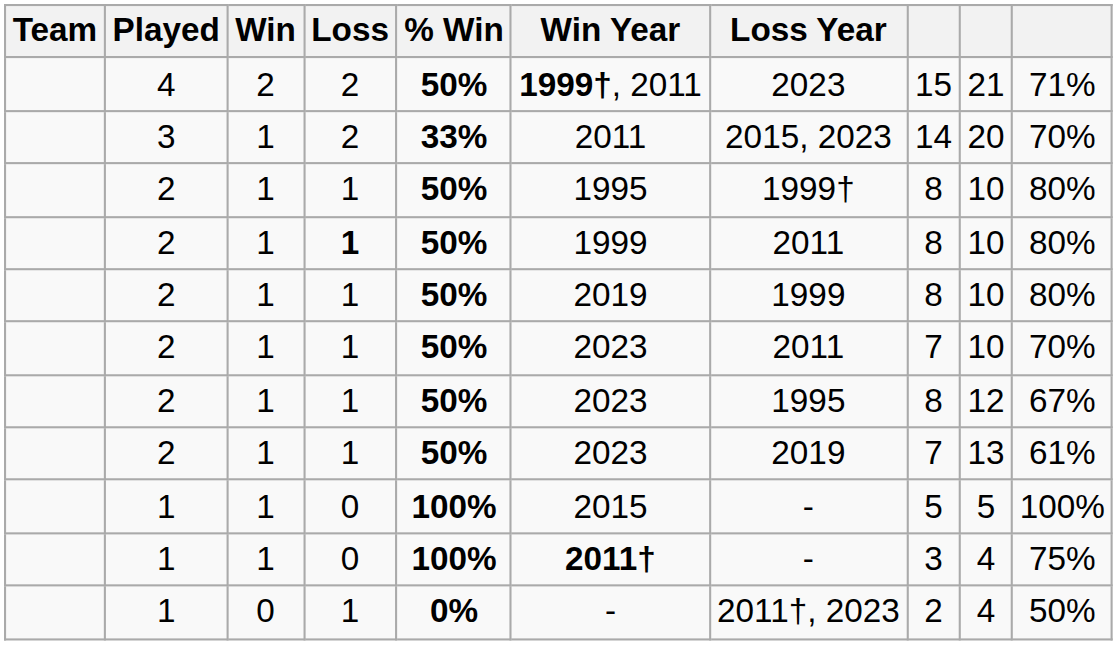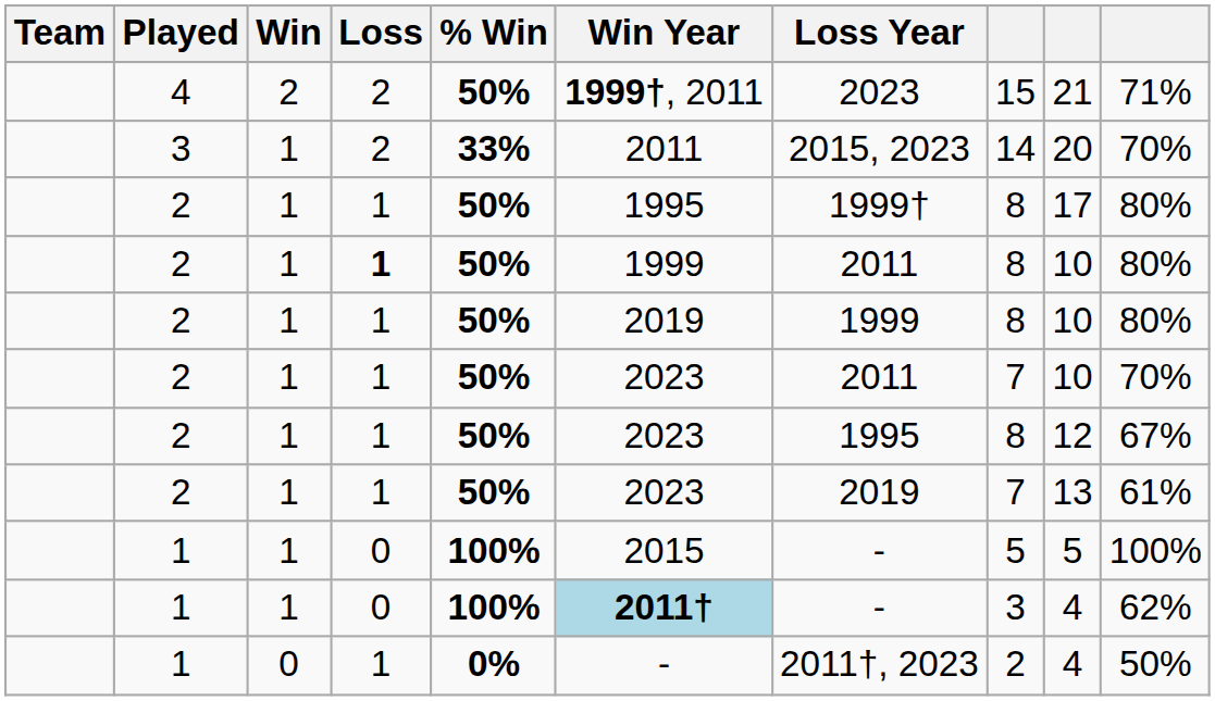 <table class="wikitable sortable" style="text-align: center;">
 <tr>
 <th>Team</th>
 <th>Played</th>
 <th>Win</th>
 <th>Loss</th>
 <th>% Win</th>
 <th>Win Year</th>
 <th>Loss Year</th>
 <th></th>
 <th></th>
 <th></th>
 </tr>
 <tr>
 <td align=left></td>
 <td>4</td>
 <td>2</td>
 <td>2</td>
 <td><strong>50%</strong></td>
 <td><strong>1999†</strong>, 2011</td>
 <td>2023</td>
 <td>15</td>
 <td>21</td>
 <td>71%</td>
 </tr>
 <tr>
 <td align=left></td>
 <td>3</td>
 <td>1</td>
 <td>2</td>
 <td><strong>33%</strong></td>
 <td>2011</td>
 <td>2015, 2023</td>
 <td>14</td>
 <td>20</td>
 <td>70%</td>
 </tr>
 <tr>
 <td align=left></td>
 <td>2</td>
 <td>1</td>
 <td>1</td>
 <td><strong>50%</strong></td>
 <td>1995</td>
 <td>1999†</td>
 <td>8</td>
-<td>10</td>
+<td>17</td>
 <td>80%</td>
 </tr>
 <tr>
 <td align=left></td>
 <td>2</td>
 <td>1</td>
 <td><strong>1</strong></td>
 <td><strong>50%</strong></td>
 <td>1999</td>
 <td>2011</td>
 <td>8</td>
 <td>10</td>
 <td>80%</td>
 </tr>
 <tr>
 <td align=left></td>
 <td>2</td>
 <td>1</td>
 <td>1</td>
 <td><strong>50%</strong></td>
 <td>2019</td>
 <td>1999</td>
 <td>8</td>
 <td>10</td>
 <td>80%</td>
 </tr>
 <tr>
 <td align=left></td>
 <td>2</td>
 <td>1</td>
 <td>1</td>
 <td><strong>50%</strong></td>
 <td>2023</td>
 <td>2011</td>
 <td>7</td>
 <td>10</td>
 <td>70%</td>
 </tr>
 <tr>
 <td align=left></td>
 <td>2</td>
 <td>1</td>
 <td>1</td>
 <td><strong>50%</strong></td>
 <td>2023</td>
 <td>1995</td>
 <td>8</td>
 <td>12</td>
 <td>67%</td>
 </tr>
 <tr>
 <td align=left></td>
 <td>2</td>
 <td>1</td>
 <td>1</td>
 <td><strong>50%</strong></td>
 <td>2023</td>
 <td>2019</td>
 <td>7</td>
 <td>13</td>
 <td>61%</td>
 </tr>
 <tr>
 <td align=left></td>
 <td>1</td>
 <td>1</td>
 <td>0</td>
 <td><strong>100%</strong></td>
 <td>2015</td>
 <td>-</td>
 <td>5</td>
 <td>5</td>
 <td>100%</td>
 </tr>
 <tr>
 <td align=left></td>
 <td>1</td>
 <td>1</td>
 <td>0</td>
 <td><strong>100%</strong></td>
-<td><strong>2011†</strong></td>
+<td style="background: lightblue;"><strong>2011†</strong></td>
 <td>-</td>
 <td>3</td>
 <td>4</td>
-<td>75%</td>
+<td>62%</td>
 </tr>
 <tr>
 <td align=left></td>
 <td>1</td>
 <td>0</td>
 <td>1</td>
 <td><strong>0%</strong></td>
 <td>-</td>
 <td>2011†, 2023</td>
 <td>2</td>
 <td>4</td>
 <td>50%</td>
 </tr>
 </table>
